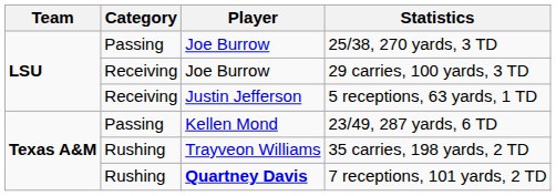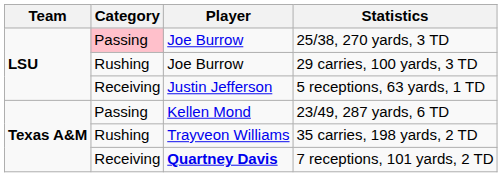 <table class="wikitable">
 <tr>
 <th>Team</th>
 <th>Category</th>
 <th>Player</th>
 <th>Statistics</th>
 </tr>
 <tr>
 <td rowspan=3><strong>LSU</strong></td>
-<td>Passing</td>
+<td style="background: pink;">Passing</td>
 <td><a href='#'>Joe Burrow</a></td>
 <td>25/38, 270 yards, 3 TD</td>
 </tr>
 <tr>
-<td>Receiving</td>
+<td>Rushing</td>
 <td>Joe Burrow</td>
 <td>29 carries, 100 yards, 3 TD</td>
 </tr>
 <tr>
 <td>Receiving</td>
 <td><a href='#'>Justin Jefferson</a></td>
 <td>5 receptions, 63 yards, 1 TD</td>
 </tr>
 <tr>
 <td rowspan=3><strong>Texas A&M</strong></td>
 <td>Passing</td>
 <td><a href='#'>Kellen Mond</a></td>
 <td>23/49, 287 yards, 6 TD</td>
 </tr>
 <tr>
 <td>Rushing</td>
 <td><a href='#'>Trayveon Williams</a></td>
 <td>35 carries, 198 yards, 2 TD</td>
 </tr>
 <tr>
-<td>Rushing</td>
+<td>Receiving</td>
 <td><strong><a href='#'>Quartney Davis</a></strong></td>
 <td>7 receptions, 101 yards, 2 TD</td>
 </tr>
 </table>
